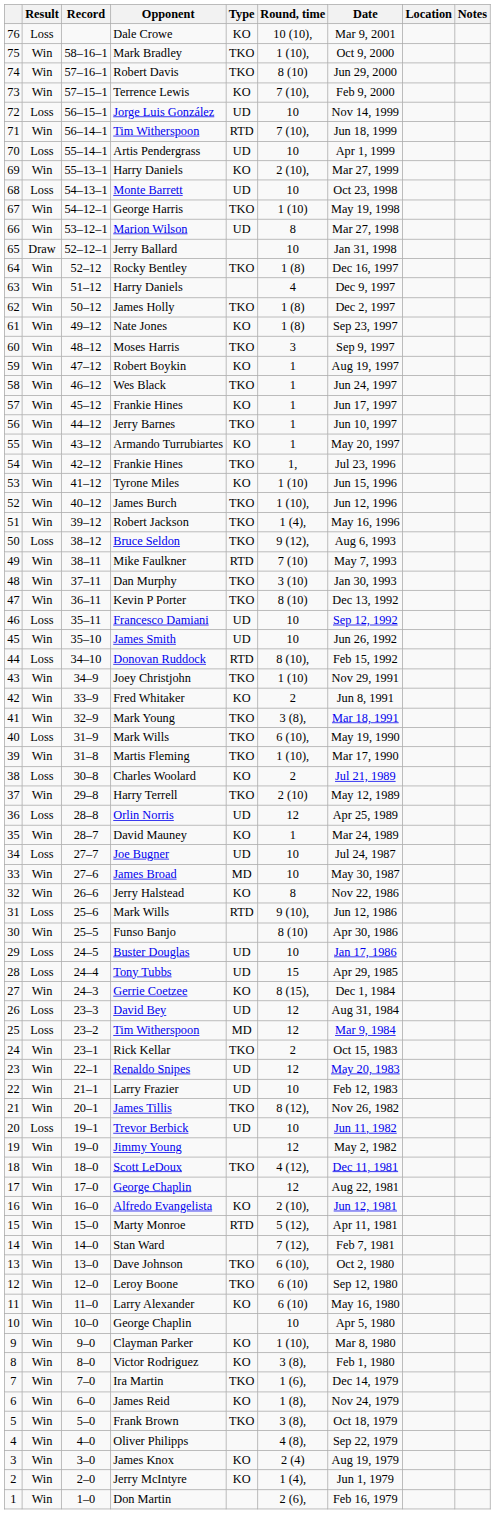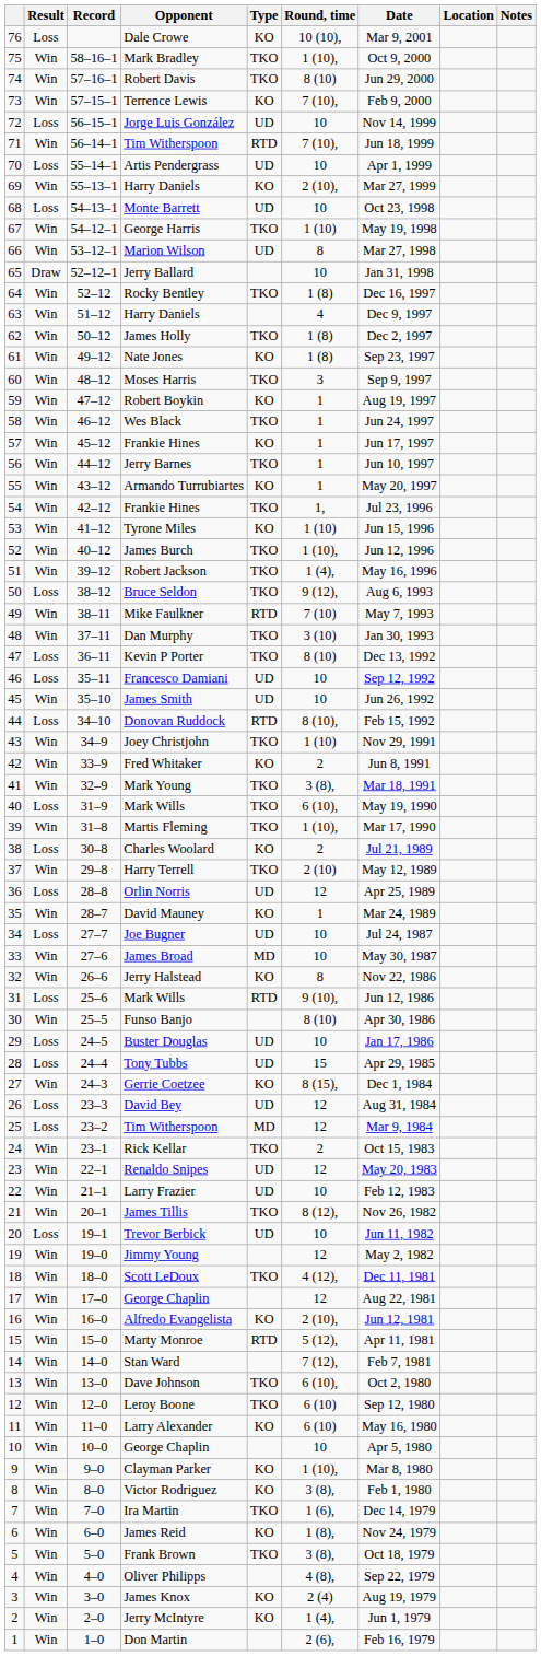 <table class="wikitable" style="text-align:center">
 <tr>
 <th></th>
 <th>Result</th>
 <th>Record</th>
 <th>Opponent</th>
 <th>Type</th>
 <th>Round, time</th>
 <th>Date</th>
 <th>Location</th>
 <th>Notes</th>
 </tr>
 <tr>
 <td>76</td>
 <td>Loss</td>
 <td></td>
 <td style="text-align:left;">Dale Crowe</td>
 <td>KO</td>
 <td>10 (10), </td>
 <td>Mar 9, 2001</td>
 <td style="text-align:left;"></td>
 <td style="text-align:left;"></td>
 </tr>
 <tr>
 <td>75</td>
 <td>Win</td>
 <td>58–16–1</td>
 <td style="text-align:left;">Mark Bradley</td>
 <td>TKO</td>
 <td>1 (10), </td>
 <td>Oct 9, 2000</td>
 <td style="text-align:left;"></td>
 <td></td>
 </tr>
 <tr>
 <td>74</td>
 <td>Win</td>
 <td>57–16–1</td>
 <td style="text-align:left;">Robert Davis</td>
 <td>TKO</td>
 <td>8 (10)</td>
 <td>Jun 29, 2000</td>
 <td style="text-align:left;"></td>
 <td></td>
 </tr>
 <tr>
 <td>73</td>
 <td>Win</td>
 <td>57–15–1</td>
 <td style="text-align:left;">Terrence Lewis</td>
 <td>KO</td>
 <td>7 (10), </td>
 <td>Feb 9, 2000</td>
 <td style="text-align:left;"></td>
 <td></td>
 </tr>
 <tr>
 <td>72</td>
 <td>Loss</td>
 <td>56–15–1</td>
 <td style="text-align:left;"><a href='#'>Jorge Luis González</a></td>
 <td>UD</td>
 <td>10</td>
 <td>Nov 14, 1999</td>
 <td style="text-align:left;"></td>
 <td></td>
 </tr>
 <tr>
 <td>71</td>
 <td>Win</td>
 <td>56–14–1</td>
 <td style="text-align:left;"><a href='#'>Tim Witherspoon</a></td>
 <td>RTD</td>
 <td>7 (10), </td>
 <td>Jun 18, 1999</td>
 <td style="text-align:left;"></td>
 <td></td>
 </tr>
 <tr>
 <td>70</td>
 <td>Loss</td>
 <td>55–14–1</td>
 <td style="text-align:left;">Artis Pendergrass</td>
 <td>UD</td>
 <td>10</td>
 <td>Apr 1, 1999</td>
 <td style="text-align:left;"></td>
 <td></td>
 </tr>
 <tr>
 <td>69</td>
 <td>Win</td>
 <td>55–13–1</td>
 <td style="text-align:left;">Harry Daniels</td>
 <td>KO</td>
 <td>2 (10), </td>
 <td>Mar 27, 1999</td>
 <td style="text-align:left;"></td>
 <td></td>
 </tr>
 <tr>
 <td>68</td>
 <td>Loss</td>
 <td>54–13–1</td>
 <td style="text-align:left;"><a href='#'>Monte Barrett</a></td>
 <td>UD</td>
 <td>10</td>
 <td>Oct 23, 1998</td>
 <td style="text-align:left;"></td>
 <td></td>
 </tr>
 <tr>
 <td>67</td>
 <td>Win</td>
 <td>54–12–1</td>
 <td style="text-align:left;">George Harris</td>
 <td>TKO</td>
 <td>1 (10)</td>
 <td>May 19, 1998</td>
 <td style="text-align:left;"></td>
 <td></td>
 </tr>
 <tr>
 <td>66</td>
 <td>Win</td>
 <td>53–12–1</td>
 <td style="text-align:left;"><a href='#'>Marion Wilson</a></td>
 <td>UD</td>
 <td>8</td>
 <td>Mar 27, 1998</td>
 <td style="text-align:left;"></td>
 <td></td>
 </tr>
 <tr>
 <td>65</td>
 <td>Draw</td>
 <td>52–12–1</td>
 <td style="text-align:left;">Jerry Ballard</td>
 <td></td>
 <td>10</td>
 <td>Jan 31, 1998</td>
 <td style="text-align:left;"></td>
 <td></td>
 </tr>
 <tr>
 <td>64</td>
 <td>Win</td>
 <td>52–12</td>
 <td style="text-align:left;">Rocky Bentley</td>
 <td>TKO</td>
 <td>1 (8)</td>
 <td>Dec 16, 1997</td>
 <td style="text-align:left;"></td>
 <td></td>
 </tr>
 <tr>
 <td>63</td>
 <td>Win</td>
 <td>51–12</td>
 <td style="text-align:left;">Harry Daniels</td>
 <td></td>
 <td>4</td>
 <td>Dec 9, 1997</td>
 <td style="text-align:left;"></td>
 <td></td>
 </tr>
 <tr>
 <td>62</td>
 <td>Win</td>
 <td>50–12</td>
 <td style="text-align:left;">James Holly</td>
 <td>TKO</td>
 <td>1 (8)</td>
 <td>Dec 2, 1997</td>
 <td style="text-align:left;"></td>
 <td></td>
 </tr>
 <tr>
 <td>61</td>
 <td>Win</td>
 <td>49–12</td>
 <td style="text-align:left;">Nate Jones</td>
 <td>KO</td>
 <td>1 (8)</td>
 <td>Sep 23, 1997</td>
 <td style="text-align:left;"></td>
 <td></td>
 </tr>
 <tr>
 <td>60</td>
 <td>Win</td>
 <td>48–12</td>
 <td style="text-align:left;">Moses Harris</td>
 <td>TKO</td>
 <td>3</td>
 <td>Sep 9, 1997</td>
 <td style="text-align:left;"></td>
 <td></td>
 </tr>
 <tr>
 <td>59</td>
 <td>Win</td>
 <td>47–12</td>
 <td style="text-align:left;">Robert Boykin</td>
 <td>KO</td>
 <td>1</td>
 <td>Aug 19, 1997</td>
 <td style="text-align:left;"></td>
 <td></td>
 </tr>
 <tr>
 <td>58</td>
 <td>Win</td>
 <td>46–12</td>
 <td style="text-align:left;">Wes Black</td>
 <td>TKO</td>
 <td>1</td>
 <td>Jun 24, 1997</td>
 <td style="text-align:left;"></td>
 <td></td>
 </tr>
 <tr>
 <td>57</td>
 <td>Win</td>
 <td>45–12</td>
 <td style="text-align:left;">Frankie Hines</td>
 <td>KO</td>
 <td>1</td>
 <td>Jun 17, 1997</td>
 <td style="text-align:left;"></td>
 <td></td>
 </tr>
 <tr>
 <td>56</td>
 <td>Win</td>
 <td>44–12</td>
 <td style="text-align:left;">Jerry Barnes</td>
 <td>TKO</td>
 <td>1</td>
 <td>Jun 10, 1997</td>
 <td style="text-align:left;"></td>
 <td></td>
 </tr>
 <tr>
 <td>55</td>
 <td>Win</td>
 <td>43–12</td>
 <td style="text-align:left;">Armando Turrubiartes</td>
 <td>KO</td>
 <td>1</td>
 <td>May 20, 1997</td>
 <td style="text-align:left;"></td>
 <td></td>
 </tr>
 <tr>
 <td>54</td>
 <td>Win</td>
 <td>42–12</td>
 <td style="text-align:left;">Frankie Hines</td>
 <td>TKO</td>
 <td>1, </td>
 <td>Jul 23, 1996</td>
 <td style="text-align:left;"></td>
 <td></td>
 </tr>
 <tr>
 <td>53</td>
 <td>Win</td>
 <td>41–12</td>
 <td style="text-align:left;">Tyrone Miles</td>
 <td>KO</td>
 <td>1 (10)</td>
 <td>Jun 15, 1996</td>
 <td style="text-align:left;"></td>
 <td></td>
 </tr>
 <tr>
 <td>52</td>
 <td>Win</td>
 <td>40–12</td>
 <td style="text-align:left;">James Burch</td>
 <td>TKO</td>
 <td>1 (10), </td>
 <td>Jun 12, 1996</td>
 <td style="text-align:left;"></td>
 <td></td>
 </tr>
 <tr>
 <td>51</td>
 <td>Win</td>
 <td>39–12</td>
 <td style="text-align:left;">Robert Jackson</td>
 <td>TKO</td>
 <td>1 (4), </td>
 <td>May 16, 1996</td>
 <td style="text-align:left;"></td>
 <td></td>
 </tr>
 <tr>
 <td>50</td>
 <td>Loss</td>
 <td>38–12</td>
 <td style="text-align:left;"><a href='#'>Bruce Seldon</a></td>
 <td>TKO</td>
 <td>9 (12), </td>
 <td>Aug 6, 1993</td>
 <td style="text-align:left;"></td>
 <td style="text-align:left;"></td>
 </tr>
 <tr>
 <td>49</td>
 <td>Win</td>
 <td>38–11</td>
 <td style="text-align:left;">Mike Faulkner</td>
 <td>RTD</td>
 <td>7 (10)</td>
 <td>May 7, 1993</td>
 <td style="text-align:left;"></td>
 <td></td>
 </tr>
 <tr>
 <td>48</td>
 <td>Win</td>
 <td>37–11</td>
 <td style="text-align:left;">Dan Murphy</td>
 <td>TKO</td>
 <td>3 (10)</td>
 <td>Jan 30, 1993</td>
 <td style="text-align:left;"></td>
 <td></td>
 </tr>
 <tr>
 <td>47</td>
-<td>Win</td>
+<td>Loss</td>
 <td>36–11</td>
 <td style="text-align:left;">Kevin P Porter</td>
 <td>TKO</td>
 <td>8 (10)</td>
 <td>Dec 13, 1992</td>
 <td style="text-align:left;"></td>
 <td></td>
 </tr>
 <tr>
 <td>46</td>
 <td>Loss</td>
 <td>35–11</td>
 <td style="text-align:left;"><a href='#'>Francesco Damiani</a></td>
 <td>UD</td>
 <td>10</td>
 <td><a href='#'>Sep 12, 1992</a></td>
 <td style="text-align:left;"></td>
 <td></td>
 </tr>
 <tr>
 <td>45</td>
 <td>Win</td>
 <td>35–10</td>
 <td style="text-align:left;"><a href='#'>James Smith</a></td>
 <td>UD</td>
 <td>10</td>
 <td>Jun 26, 1992</td>
 <td style="text-align:left;"></td>
 <td></td>
 </tr>
 <tr>
 <td>44</td>
 <td>Loss</td>
 <td>34–10</td>
 <td style="text-align:left;"><a href='#'>Donovan Ruddock</a></td>
 <td>RTD</td>
 <td>8 (10), </td>
 <td>Feb 15, 1992</td>
 <td style="text-align:left;"></td>
 <td></td>
 </tr>
 <tr>
 <td>43</td>
 <td>Win</td>
 <td>34–9</td>
 <td style="text-align:left;">Joey Christjohn</td>
 <td>TKO</td>
 <td>1 (10)</td>
 <td>Nov 29, 1991</td>
 <td style="text-align:left;"></td>
 <td></td>
 </tr>
 <tr>
 <td>42</td>
 <td>Win</td>
 <td>33–9</td>
 <td style="text-align:left;">Fred Whitaker</td>
 <td>KO</td>
 <td>2</td>
 <td>Jun 8, 1991</td>
 <td style="text-align:left;"></td>
 <td></td>
 </tr>
 <tr>
 <td>41</td>
 <td>Win</td>
 <td>32–9</td>
 <td style="text-align:left;">Mark Young</td>
 <td>TKO</td>
 <td>3 (8), </td>
 <td><a href='#'>Mar 18, 1991</a></td>
 <td style="text-align:left;"></td>
 <td></td>
 </tr>
 <tr>
 <td>40</td>
 <td>Loss</td>
 <td>31–9</td>
 <td style="text-align:left;">Mark Wills</td>
 <td>TKO</td>
 <td>6 (10), </td>
 <td>May 19, 1990</td>
 <td style="text-align:left;"></td>
 <td></td>
 </tr>
 <tr>
 <td>39</td>
 <td>Win</td>
 <td>31–8</td>
 <td style="text-align:left;">Martis Fleming</td>
 <td>TKO</td>
 <td>1 (10), </td>
 <td>Mar 17, 1990</td>
 <td style="text-align:left;"></td>
 <td></td>
 </tr>
 <tr>
 <td>38</td>
 <td>Loss</td>
 <td>30–8</td>
 <td style="text-align:left;">Charles Woolard</td>
 <td>KO</td>
 <td>2</td>
 <td><a href='#'>Jul 21, 1989</a></td>
 <td style="text-align:left;"></td>
 <td></td>
 </tr>
 <tr>
 <td>37</td>
 <td>Win</td>
 <td>29–8</td>
 <td style="text-align:left;">Harry Terrell</td>
 <td>TKO</td>
 <td>2 (10)</td>
 <td>May 12, 1989</td>
 <td style="text-align:left;"></td>
 <td></td>
 </tr>
 <tr>
 <td>36</td>
 <td>Loss</td>
 <td>28–8</td>
 <td style="text-align:left;"><a href='#'>Orlin Norris</a></td>
 <td>UD</td>
 <td>12</td>
 <td>Apr 25, 1989</td>
 <td style="text-align:left;"></td>
 <td style="text-align:left;"></td>
 </tr>
 <tr>
 <td>35</td>
 <td>Win</td>
 <td>28–7</td>
 <td style="text-align:left;">David Mauney</td>
 <td>KO</td>
 <td>1</td>
 <td>Mar 24, 1989</td>
 <td style="text-align:left;"></td>
 <td></td>
 </tr>
 <tr>
 <td>34</td>
 <td>Loss</td>
 <td>27–7</td>
 <td style="text-align:left;"><a href='#'>Joe Bugner</a></td>
 <td>UD</td>
 <td>10</td>
 <td>Jul 24, 1987</td>
 <td style="text-align:left;"></td>
 <td></td>
 </tr>
 <tr>
 <td>33</td>
 <td>Win</td>
 <td>27–6</td>
 <td style="text-align:left;"><a href='#'>James Broad</a></td>
 <td>MD</td>
 <td>10</td>
 <td>May 30, 1987</td>
 <td style="text-align:left;"></td>
 <td></td>
 </tr>
 <tr>
 <td>32</td>
 <td>Win</td>
 <td>26–6</td>
 <td style="text-align:left;">Jerry Halstead</td>
 <td>KO</td>
 <td>8</td>
 <td>Nov 22, 1986</td>
 <td style="text-align:left;"></td>
 <td></td>
 </tr>
 <tr>
 <td>31</td>
 <td>Loss</td>
 <td>25–6</td>
 <td style="text-align:left;">Mark Wills</td>
 <td>RTD</td>
 <td>9 (10), </td>
 <td>Jun 12, 1986</td>
 <td style="text-align:left;"></td>
 <td></td>
 </tr>
 <tr>
 <td>30</td>
 <td>Win</td>
 <td>25–5</td>
 <td style="text-align:left;">Funso Banjo</td>
 <td></td>
 <td>8 (10)</td>
 <td>Apr 30, 1986</td>
 <td style="text-align:left;"></td>
 <td></td>
 </tr>
 <tr>
 <td>29</td>
 <td>Loss</td>
 <td>24–5</td>
 <td style="text-align:left;"><a href='#'>Buster Douglas</a></td>
 <td>UD</td>
 <td>10</td>
 <td><a href='#'>Jan 17, 1986</a></td>
 <td style="text-align:left;"></td>
 <td></td>
 </tr>
 <tr>
 <td>28</td>
 <td>Loss</td>
 <td>24–4</td>
 <td style="text-align:left;"><a href='#'>Tony Tubbs</a></td>
 <td>UD</td>
 <td>15</td>
 <td>Apr 29, 1985</td>
 <td style="text-align:left;"></td>
 <td style="text-align:left;"></td>
 </tr>
 <tr>
 <td>27</td>
 <td>Win</td>
 <td>24–3</td>
 <td style="text-align:left;"><a href='#'>Gerrie Coetzee</a></td>
 <td>KO</td>
 <td>8 (15), </td>
 <td>Dec 1, 1984</td>
 <td style="text-align:left;"></td>
 <td style="text-align:left;"></td>
 </tr>
 <tr>
 <td>26</td>
 <td>Loss</td>
 <td>23–3</td>
 <td style="text-align:left;"><a href='#'>David Bey</a></td>
 <td>UD</td>
 <td>12</td>
 <td>Aug 31, 1984</td>
 <td style="text-align:left;"></td>
 <td style="text-align:left;"></td>
 </tr>
 <tr>
 <td>25</td>
 <td>Loss</td>
 <td>23–2</td>
 <td style="text-align:left;"><a href='#'>Tim Witherspoon</a></td>
 <td>MD</td>
 <td>12</td>
 <td><a href='#'>Mar 9, 1984</a></td>
 <td style="text-align:left;"></td>
 <td style="text-align:left;"></td>
 </tr>
 <tr>
 <td>24</td>
 <td>Win</td>
 <td>23–1</td>
 <td style="text-align:left;">Rick Kellar</td>
 <td>TKO</td>
 <td>2</td>
 <td>Oct 15, 1983</td>
 <td style="text-align:left;"></td>
 <td></td>
 </tr>
 <tr>
 <td>23</td>
 <td>Win</td>
 <td>22–1</td>
 <td style="text-align:left;"><a href='#'>Renaldo Snipes</a></td>
 <td>UD</td>
 <td>12</td>
 <td><a href='#'>May 20, 1983</a></td>
 <td style="text-align:left;"></td>
 <td style="text-align:left;"></td>
 </tr>
 <tr>
 <td>22</td>
 <td>Win</td>
 <td>21–1</td>
 <td style="text-align:left;">Larry Frazier</td>
 <td>UD</td>
 <td>10</td>
 <td>Feb 12, 1983</td>
 <td style="text-align:left;"></td>
 <td></td>
 </tr>
 <tr>
 <td>21</td>
 <td>Win</td>
 <td>20–1</td>
 <td style="text-align:left;"><a href='#'>James Tillis</a></td>
 <td>TKO</td>
 <td>8 (12), </td>
 <td>Nov 26, 1982</td>
 <td style="text-align:left;"></td>
 <td style="text-align:left;"></td>
 </tr>
 <tr>
 <td>20</td>
 <td>Loss</td>
 <td>19–1</td>
 <td style="text-align:left;"><a href='#'>Trevor Berbick</a></td>
 <td>UD</td>
 <td>10</td>
 <td><a href='#'>Jun 11, 1982</a></td>
 <td style="text-align:left;"></td>
 <td></td>
 </tr>
 <tr>
 <td>19</td>
 <td>Win</td>
 <td>19–0</td>
 <td style="text-align:left;"><a href='#'>Jimmy Young</a></td>
 <td></td>
 <td>12</td>
 <td>May 2, 1982</td>
 <td style="text-align:left;"></td>
 <td style="text-align:left;"></td>
 </tr>
 <tr>
 <td>18</td>
 <td>Win</td>
 <td>18–0</td>
 <td style="text-align:left;"><a href='#'>Scott LeDoux</a></td>
 <td>TKO</td>
 <td>4 (12), </td>
 <td><a href='#'>Dec 11, 1981</a></td>
 <td style="text-align:left;"></td>
 <td style="text-align:left;"></td>
 </tr>
 <tr>
 <td>17</td>
 <td>Win</td>
 <td>17–0</td>
 <td style="text-align:left;"><a href='#'>George Chaplin</a></td>
 <td></td>
 <td>12</td>
 <td>Aug 22, 1981</td>
 <td style="text-align:left;"></td>
 <td style="text-align:left;"></td>
 </tr>
 <tr>
 <td>16</td>
 <td>Win</td>
 <td>16–0</td>
 <td style="text-align:left;"><a href='#'>Alfredo Evangelista</a></td>
 <td>KO</td>
 <td>2 (10), </td>
 <td><a href='#'>Jun 12, 1981</a></td>
 <td style="text-align:left;"></td>
 <td></td>
 </tr>
 <tr>
 <td>15</td>
 <td>Win</td>
 <td>15–0</td>
 <td style="text-align:left;">Marty Monroe</td>
 <td>RTD</td>
 <td>5 (12), </td>
 <td>Apr 11, 1981</td>
 <td style="text-align:left;"></td>
 <td style="text-align:left;"></td>
 </tr>
 <tr>
 <td>14</td>
 <td>Win</td>
 <td>14–0</td>
 <td style="text-align:left;">Stan Ward</td>
 <td></td>
 <td>7 (12), </td>
 <td>Feb 7, 1981</td>
 <td style="text-align:left;"></td>
 <td style="text-align:left;"></td>
 </tr>
 <tr>
 <td>13</td>
 <td>Win</td>
 <td>13–0</td>
 <td style="text-align:left;">Dave Johnson</td>
 <td>TKO</td>
 <td>6 (10), </td>
 <td>Oct 2, 1980</td>
 <td style="text-align:left;"></td>
 <td></td>
 </tr>
 <tr>
 <td>12</td>
 <td>Win</td>
 <td>12–0</td>
 <td style="text-align:left;">Leroy Boone</td>
 <td>TKO</td>
 <td>6 (10)</td>
 <td>Sep 12, 1980</td>
 <td style="text-align:left;"></td>
 <td></td>
 </tr>
 <tr>
 <td>11</td>
 <td>Win</td>
 <td>11–0</td>
 <td style="text-align:left;">Larry Alexander</td>
 <td>KO</td>
 <td>6 (10)</td>
 <td>May 16, 1980</td>
 <td style="text-align:left;"></td>
 <td></td>
 </tr>
 <tr>
 <td>10</td>
 <td>Win</td>
 <td>10–0</td>
 <td style="text-align:left;">George Chaplin</td>
 <td></td>
 <td>10</td>
 <td>Apr 5, 1980</td>
 <td style="text-align:left;"></td>
 <td></td>
 </tr>
 <tr>
 <td>9</td>
 <td>Win</td>
 <td>9–0</td>
 <td style="text-align:left;">Clayman Parker</td>
 <td>KO</td>
 <td>1 (10), </td>
 <td>Mar 8, 1980</td>
 <td style="text-align:left;"></td>
 <td></td>
 </tr>
 <tr>
 <td>8</td>
 <td>Win</td>
 <td>8–0</td>
 <td style="text-align:left;">Victor Rodriguez</td>
 <td>KO</td>
 <td>3 (8), </td>
 <td>Feb 1, 1980</td>
 <td style="text-align:left;"></td>
 <td></td>
 </tr>
 <tr>
 <td>7</td>
 <td>Win</td>
 <td>7–0</td>
 <td style="text-align:left;">Ira Martin</td>
 <td>TKO</td>
 <td>1 (6), </td>
 <td>Dec 14, 1979</td>
 <td style="text-align:left;"></td>
 <td></td>
 </tr>
 <tr>
 <td>6</td>
 <td>Win</td>
 <td>6–0</td>
 <td style="text-align:left;">James Reid</td>
 <td>KO</td>
 <td>1 (8), </td>
 <td>Nov 24, 1979</td>
 <td style="text-align:left;"></td>
 <td></td>
 </tr>
 <tr>
 <td>5</td>
 <td>Win</td>
 <td>5–0</td>
 <td style="text-align:left;">Frank Brown</td>
 <td>TKO</td>
 <td>3 (8), </td>
 <td>Oct 18, 1979</td>
 <td style="text-align:left;"></td>
 <td></td>
 </tr>
 <tr>
 <td>4</td>
 <td>Win</td>
 <td>4–0</td>
 <td style="text-align:left;">Oliver Philipps</td>
 <td></td>
 <td>4 (8), </td>
 <td>Sep 22, 1979</td>
 <td style="text-align:left;"></td>
 <td></td>
 </tr>
 <tr>
 <td>3</td>
 <td>Win</td>
 <td>3–0</td>
 <td style="text-align:left;">James Knox</td>
 <td>KO</td>
 <td>2 (4)</td>
 <td>Aug 19, 1979</td>
 <td style="text-align:left;"></td>
 <td></td>
 </tr>
 <tr>
 <td>2</td>
 <td>Win</td>
 <td>2–0</td>
 <td style="text-align:left;">Jerry McIntyre</td>
 <td>KO</td>
 <td>1 (4), </td>
 <td>Jun 1, 1979</td>
 <td style="text-align:left;"></td>
 <td></td>
 </tr>
 <tr>
 <td>1</td>
 <td>Win</td>
 <td>1–0</td>
 <td style="text-align:left;">Don Martin</td>
 <td></td>
 <td>2 (6), </td>
 <td>Feb 16, 1979</td>
 <td style="text-align:left;"></td>
 <td></td>
 </tr>
 </table>
